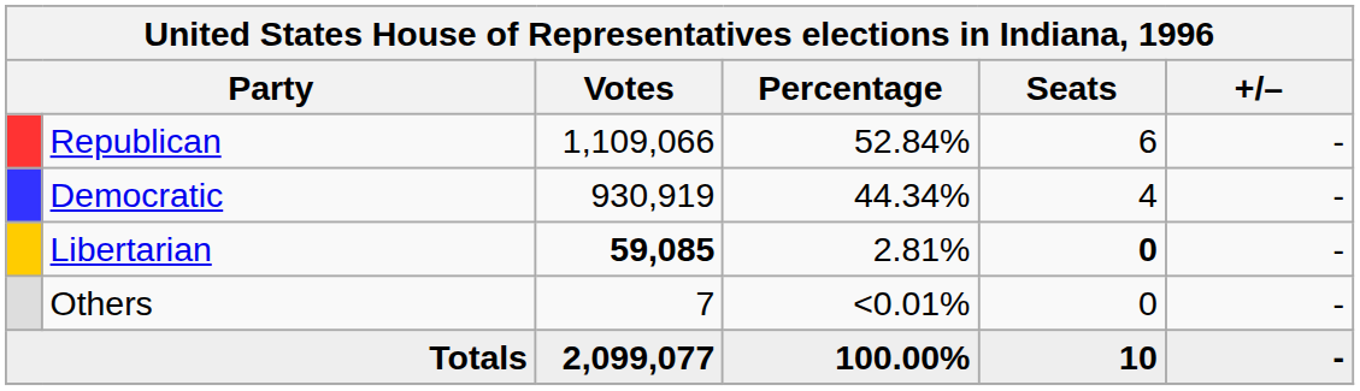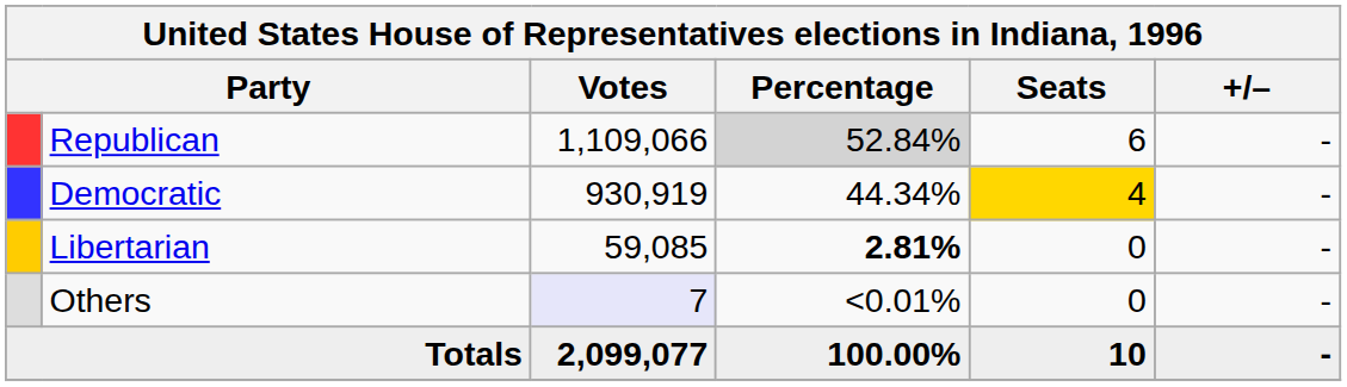 <table class="wikitable" style="font-size: 95%;">
 <tr>
 <th colspan="6">United States House of Representatives elections in Indiana, 1996</th>
 </tr>
 <tr>
 <th colspan=2 style="width: 15em">Party</th>
 <th style="width: 5em">Votes</th>
 <th style="width: 7em">Percentage</th>
 <th style="width: 5em">Seats</th>
 <th style="width: 5em">+/–</th>
 </tr>
 <tr>
 <th style="background-color:#FF3333; width: 3px"></th>
 <td style="width: 130px"><a href='#'>Republican</a></td>
 <td align="right">1,109,066</td>
-<td align="right">52.84%</td>
+<td align="right" style="background: lightgrey;">52.84%</td>
 <td align="right">6</td>
 <td align="right">-</td>
 </tr>
 <tr>
 <th style="background-color:#3333FF; width: 3px"></th>
 <td style="width: 130px"><a href='#'>Democratic</a></td>
 <td align="right">930,919</td>
 <td align="right">44.34%</td>
-<td align="right">4</td>
+<td align="right" style="background: gold;">4</td>
 <td align="right">-</td>
 </tr>
 <tr>
 <th style="background-color:#FFCC00; width: 3px"></th>
 <td style="width: 130px"><a href='#'>Libertarian</a></td>
-<td align="right"><strong>59,085</strong></td>
-<td align="right">2.81%</td>
-<td align="right"><strong>0</strong></td>
+<td align="right">59,085</td>
+<td align="right"><strong>2.81%</strong></td>
+<td align="right">0</td>
 <td align="right">-</td>
 </tr>
 <tr>
 <th style="background-color:#DDDDDD; width: 3px"></th>
 <td style="width: 130px">Others</td>
-<td align="right">7</td>
+<td align="right" style="background: lavender;">7</td>
 <td align="right"><0.01%</td>
 <td align="right">0</td>
 <td align="right">-</td>
 </tr>
 <tr bgcolor="#EEEEEE">
 <td colspan="2" align="right"><strong>Totals</strong></td>
 <td align="right"><strong>2,099,077</strong></td>
 <td align="right"><strong>100.00%</strong></td>
 <td align="right"><strong>10</strong></td>
 <td align="right"><strong>-</strong></td>
 </tr>
 <tr bgcolor="#EEEEEE">
 </tr>
 </table>
